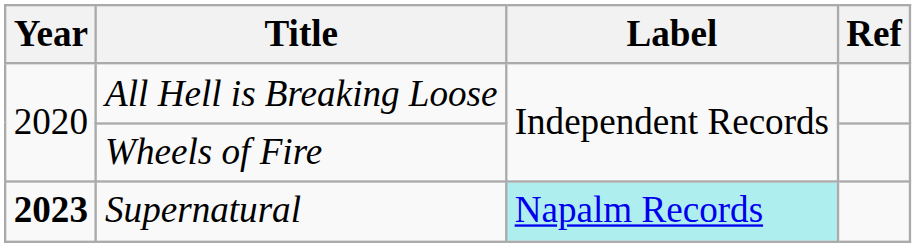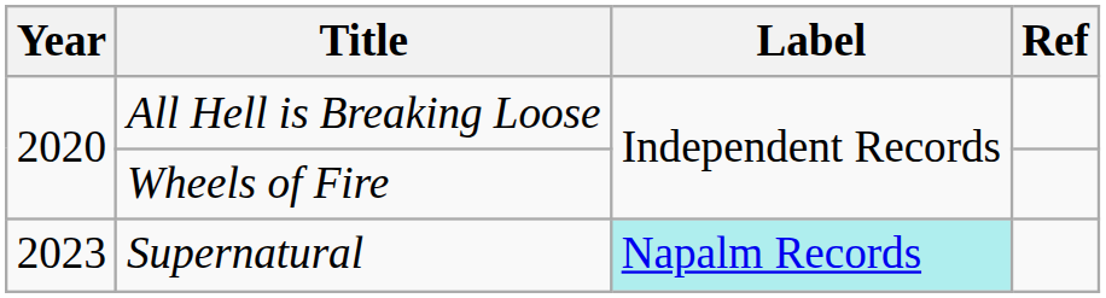 <table class="wikitable">
 <tr>
 <th>Year</th>
 <th>Title</th>
 <th>Label</th>
 <th>Ref</th>
 </tr>
 <tr>
 <td rowspan="2">2020</td>
 <td><em>All Hell is Breaking Loose</em></td>
 <td rowspan="2">Independent Records</td>
 <td></td>
 </tr>
 <tr>
 <td><em>Wheels of Fire</em></td>
 <td></td>
 </tr>
 <tr>
-<td><strong>2023</strong></td>
+<td>2023</td>
 <td><em>Supernatural</em></td>
 <td style="background: paleturquoise;"><a href='#'>Napalm Records</a></td>
 <td></td>
 </tr>
 </table>
